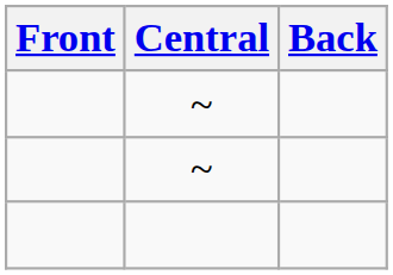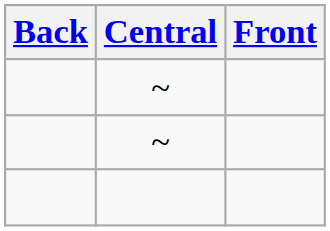 <table class="wikitable" style=text-align:center>
 <tr>
+<th><a href='#'>Back</a></th>
+<th><a href='#'>Central</a></th>
 <th><a href='#'>Front</a></th>
-<th><a href='#'>Central</a></th>
-<th><a href='#'>Back</a></th>
 </tr>
 <tr>
 <td></td>
 <td>~</td>
 <td></td>
 </tr>
 <tr>
 <td></td>
 <td>~</td>
 <td></td>
 </tr>
 <tr>
 <td></td>
 <td><br></td>
 <td></td>
 </tr>
 </table>
